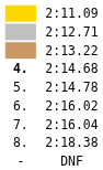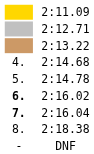 <table style="text-align:center">
 <tr>
 <td width=30 bgcolor=gold></td>
 <td align=left></td>
 <td width=60>2:11.09</td>
 </tr>
 <tr>
 <td bgcolor=silver></td>
 <td align=left></td>
 <td>2:12.71</td>
 </tr>
 <tr>
 <td bgcolor=cc9966></td>
 <td align=left></td>
 <td>2:13.22</td>
 </tr>
 <tr>
-<td><strong>4.</strong></td>
+<td>4.</td>
 <td align=left></td>
 <td>2:14.68</td>
 </tr>
 <tr>
 <td>5.</td>
 <td align=left></td>
 <td>2:14.78</td>
 </tr>
 <tr>
-<td>6.</td>
+<td><strong>6.</strong></td>
 <td align=left></td>
 <td>2:16.02</td>
 </tr>
 <tr>
-<td>7.</td>
+<td><strong>7.</strong></td>
 <td align=left></td>
 <td>2:16.04</td>
 </tr>
 <tr>
 <td>8.</td>
 <td align=left></td>
 <td>2:18.38</td>
 </tr>
 <tr>
 <td>-</td>
 <td align=left></td>
 <td>DNF</td>
 </tr>
 </table>
